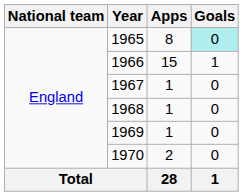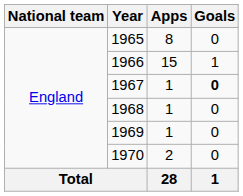 <table class="wikitable" style="text-align:center">
 <tr>
 <th>National team</th>
 <th>Year</th>
 <th>Apps</th>
 <th>Goals</th>
 </tr>
 <tr>
 <td rowspan="6"><a href='#'>England</a></td>
 <td>1965</td>
 <td>8</td>
-<td style="background: paleturquoise;">0</td>
+<td>0</td>
 </tr>
 <tr>
 <td>1966</td>
 <td>15</td>
 <td>1</td>
 </tr>
 <tr>
 <td>1967</td>
 <td>1</td>
-<td>0</td>
+<td><strong>0</strong></td>
 </tr>
 <tr>
 <td>1968</td>
 <td>1</td>
 <td>0</td>
 </tr>
 <tr>
 <td>1969</td>
 <td>1</td>
 <td>0</td>
 </tr>
 <tr>
 <td>1970</td>
 <td>2</td>
 <td>0</td>
 </tr>
 <tr>
 <th colspan="2">Total</th>
 <th>28</th>
 <th>1</th>
 </tr>
 </table>
